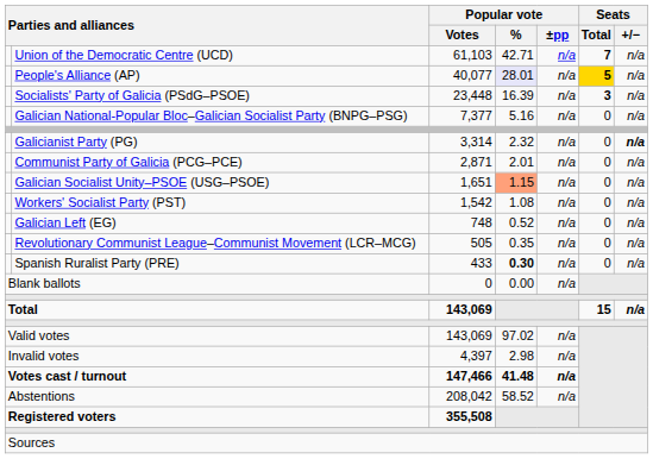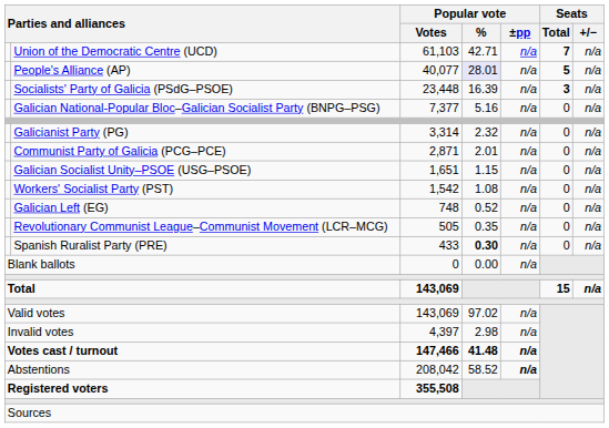 <table class="wikitable" style="text-align:right;">
 <tr>
 <th style="text-align:left;" rowspan="2" colspan="2" width="525">Parties and alliances</th>
 <th colspan="3">Popular vote</th>
 <th colspan="2">Seats</th>
 </tr>
 <tr>
 <th width="75">Votes</th>
 <th width="45">%</th>
 <th width="45">±<a href='#'>pp</a></th>
 <th width="35">Total</th>
 <th width="35">+/−</th>
 </tr>
 <tr>
 <td width="1" style="color:inherit;background:"></td>
 <td align="left"><a href='#'>Union of the Democratic Centre</a> (UCD)</td>
 <td>61,103</td>
 <td>42.71</td>
 <td><em><a href='#'>n/a</a></em></td>
 <td><strong>7</strong></td>
 <td><em>n/a</em></td>
 </tr>
 <tr>
 <td style="color:inherit;background:"></td>
 <td align="left"><a href='#'>People's Alliance</a> (AP)</td>
 <td>40,077</td>
 <td style="background: lavender;">28.01</td>
 <td><em>n/a</em></td>
-<td style="background: gold;"><strong>5</strong></td>
+<td><strong>5</strong></td>
 <td><em>n/a</em></td>
 </tr>
 <tr>
 <td style="color:inherit;background:"></td>
 <td align="left"><a href='#'>Socialists' Party of Galicia</a> (PSdG–PSOE)</td>
 <td>23,448</td>
 <td>16.39</td>
 <td><em>n/a</em></td>
 <td><strong>3</strong></td>
 <td><em>n/a</em></td>
 </tr>
 <tr>
 <td style="color:inherit;background:"></td>
 <td align="left"><a href='#'>Galician National-Popular Bloc</a>–<a href='#'>Galician Socialist Party</a> (BNPG–PSG)</td>
 <td>7,377</td>
 <td>5.16</td>
 <td><em>n/a</em></td>
 <td>0</td>
 <td><em>n/a</em></td>
 </tr>
 <tr>
 <td colspan="7" bgcolor="#C0C0C0"></td>
 </tr>
 <tr>
 <td style="color:inherit;background:"></td>
 <td align="left"><a href='#'>Galicianist Party</a> (PG)</td>
 <td>3,314</td>
 <td>2.32</td>
 <td><em>n/a</em></td>
 <td>0</td>
-<td><strong><em>n/a</em></strong></td>
+<td><em>n/a</em></td>
 </tr>
 <tr>
 <td style="color:inherit;background:"></td>
 <td align="left"><a href='#'>Communist Party of Galicia</a> (PCG–PCE)</td>
 <td>2,871</td>
 <td>2.01</td>
 <td><em>n/a</em></td>
 <td>0</td>
 <td><em>n/a</em></td>
 </tr>
 <tr>
 <td style="color:inherit;background:"></td>
 <td align="left"><a href='#'>Galician Socialist Unity–PSOE</a> (USG–PSOE)</td>
 <td>1,651</td>
-<td style="background: lightsalmon;">1.15</td>
+<td>1.15</td>
 <td><em>n/a</em></td>
 <td>0</td>
 <td><em>n/a</em></td>
 </tr>
 <tr>
 <td style="color:inherit;background:"></td>
 <td align="left"><a href='#'>Workers' Socialist Party</a> (PST)</td>
 <td>1,542</td>
 <td>1.08</td>
 <td><em>n/a</em></td>
 <td>0</td>
 <td><em>n/a</em></td>
 </tr>
 <tr>
 <td style="color:inherit;background:"></td>
 <td align="left"><a href='#'>Galician Left</a> (EG)</td>
 <td>748</td>
 <td>0.52</td>
 <td><em>n/a</em></td>
 <td>0</td>
 <td><em>n/a</em></td>
 </tr>
 <tr>
 <td style="color:inherit;background:"></td>
 <td align="left"><a href='#'>Revolutionary Communist League</a>–<a href='#'>Communist Movement</a> (LCR–MCG)</td>
 <td>505</td>
 <td>0.35</td>
 <td><em>n/a</em></td>
 <td>0</td>
 <td><em>n/a</em></td>
 </tr>
 <tr>
 <td style="color:inherit;background:"></td>
 <td align="left">Spanish Ruralist Party (PRE)</td>
 <td>433</td>
 <td><strong>0.30</strong></td>
 <td><em>n/a</em></td>
 <td>0</td>
 <td><em>n/a</em></td>
 </tr>
 <tr>
 <td align="left" colspan="2">Blank ballots</td>
 <td>0</td>
 <td>0.00</td>
 <td><em>n/a</em></td>
 <td bgcolor="#E9E9E9" colspan="2"></td>
 </tr>
 <tr>
 <td colspan="7" bgcolor="#E9E9E9"></td>
 </tr>
 <tr style="font-weight:bold;">
 <td align="left" colspan="2">Total</td>
 <td>143,069</td>
 <td bgcolor="#E9E9E9" colspan="2"></td>
 <td>15</td>
 <td><em>n/a</em></td>
 </tr>
 <tr>
 <td colspan="7" bgcolor="#E9E9E9"></td>
 </tr>
 <tr>
 <td align="left" colspan="2">Valid votes</td>
 <td>143,069</td>
 <td>97.02</td>
 <td><em>n/a</em></td>
 <td bgcolor="#E9E9E9" colspan="2" rowspan="5"></td>
 </tr>
 <tr>
 <td align="left" colspan="2">Invalid votes</td>
 <td>4,397</td>
 <td>2.98</td>
 <td><em>n/a</em></td>
 </tr>
 <tr style="font-weight:bold;">
 <td align="left" colspan="2">Votes cast / turnout</td>
 <td>147,466</td>
 <td>41.48</td>
 <td><em>n/a</em></td>
 </tr>
 <tr>
 <td align="left" colspan="2">Abstentions</td>
 <td>208,042</td>
 <td>58.52</td>
-<td><em>n/a</em></td>
+<td><strong><em>n/a</em></strong></td>
 </tr>
 <tr style="font-weight:bold;">
 <td align="left" colspan="2">Registered voters</td>
 <td>355,508</td>
 <td bgcolor="#E9E9E9" colspan="2"></td>
 </tr>
 <tr>
 <td colspan="7" bgcolor="#E9E9E9"></td>
 </tr>
 <tr>
 <td align="left" colspan="7">Sources</td>
 </tr>
 </table>
